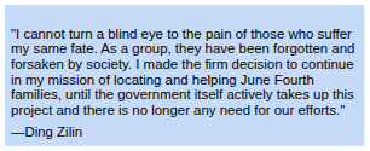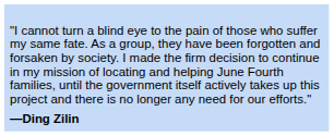 <table class="toccolours" style="float: left; margin-right: 1em; margin-right: 2em; font-size: 85%; background:#c6dbf7; color:black; width:30em; max-width: 40%;" cellspacing="5">
 <tr>
 <td style="text-align: left;"><br>"I cannot turn a blind eye to the pain of those who suffer my same fate. As a group, they have been forgotten and forsaken by society. I made the firm decision to continue in my mission of locating and helping June Fourth families, until the government itself actively takes up this project and there is no longer any need for our efforts."</td>
 </tr>
 <tr>
-<td style="text-align: left;">—Ding Zilin</td>
+<td style="text-align: left;"><strong>—Ding Zilin</strong></td>
 </tr>
 </table>
